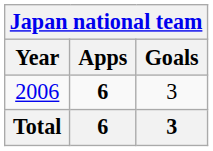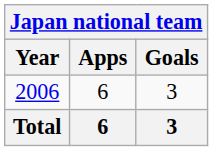 <table class="wikitable" style="text-align:center">
 <tr>
 <th colspan=3><a href='#'>Japan national team</a></th>
 </tr>
 <tr>
 <th>Year</th>
 <th>Apps</th>
 <th>Goals</th>
 </tr>
 <tr>
 <td><a href='#'>2006</a></td>
-<td><strong>6</strong></td>
+<td>6</td>
 <td>3</td>
 </tr>
 <tr>
 <th>Total</th>
 <th>6</th>
 <th>3</th>
 </tr>
 </table>
